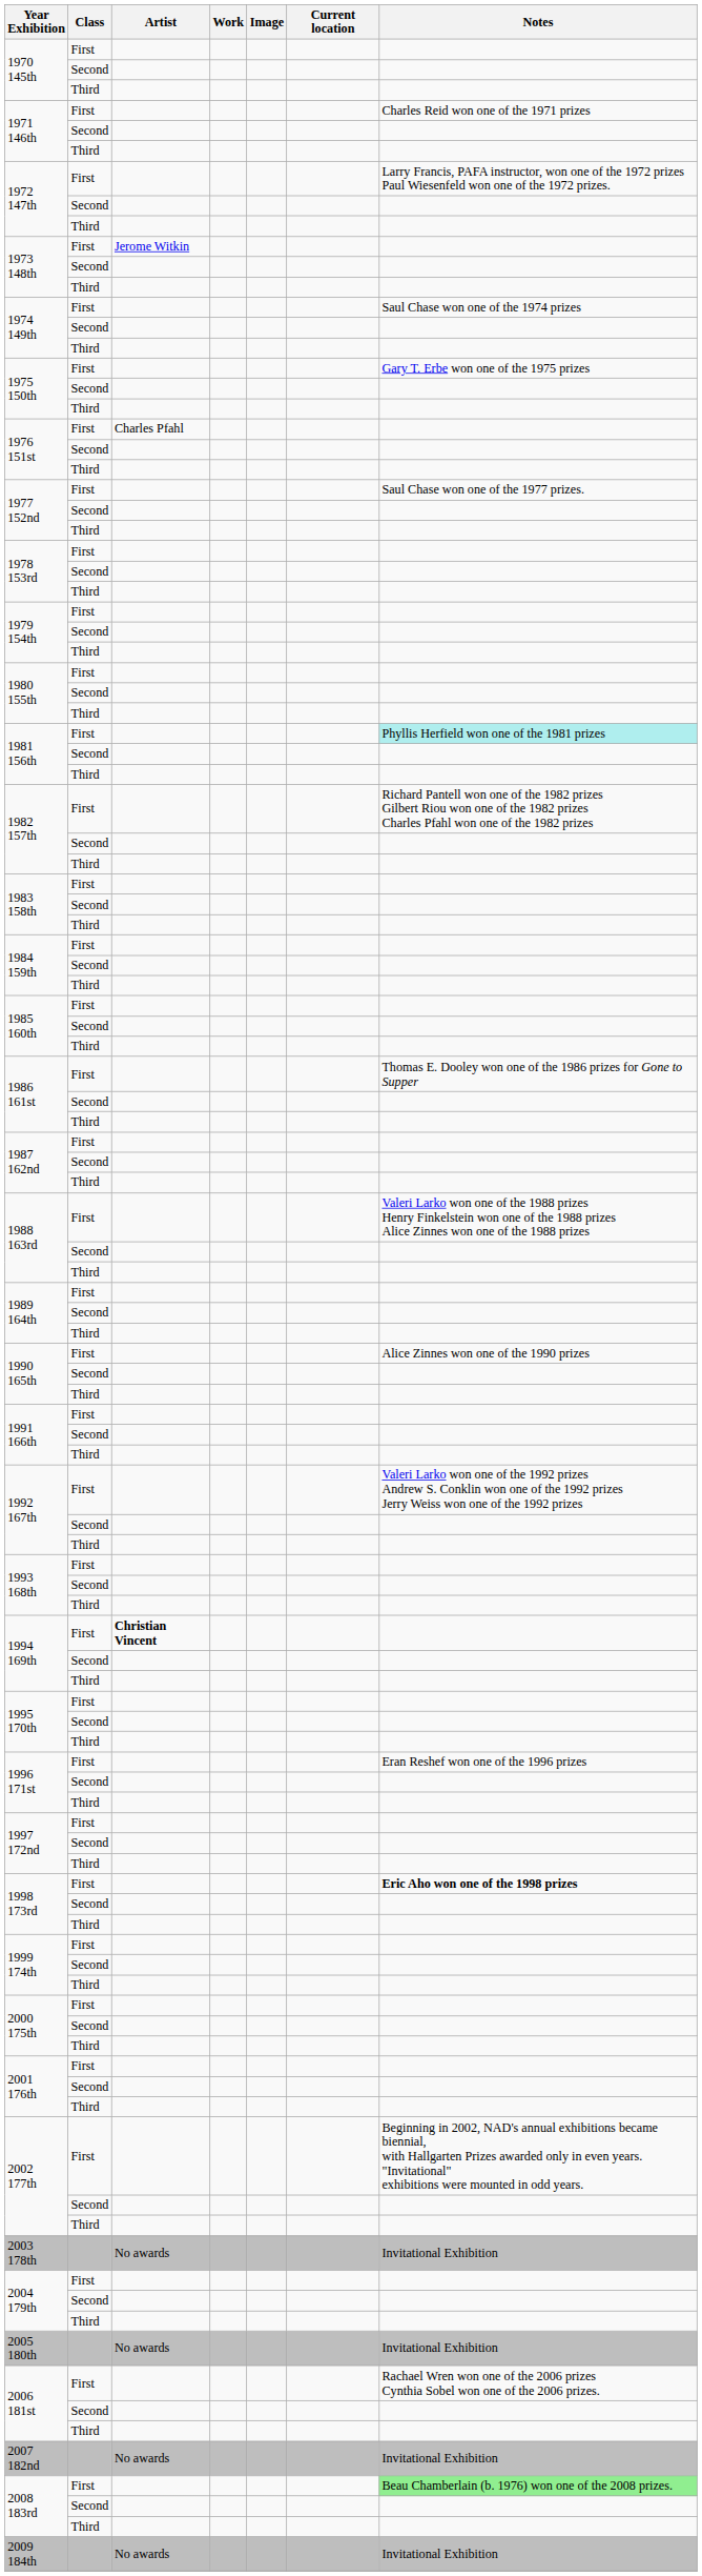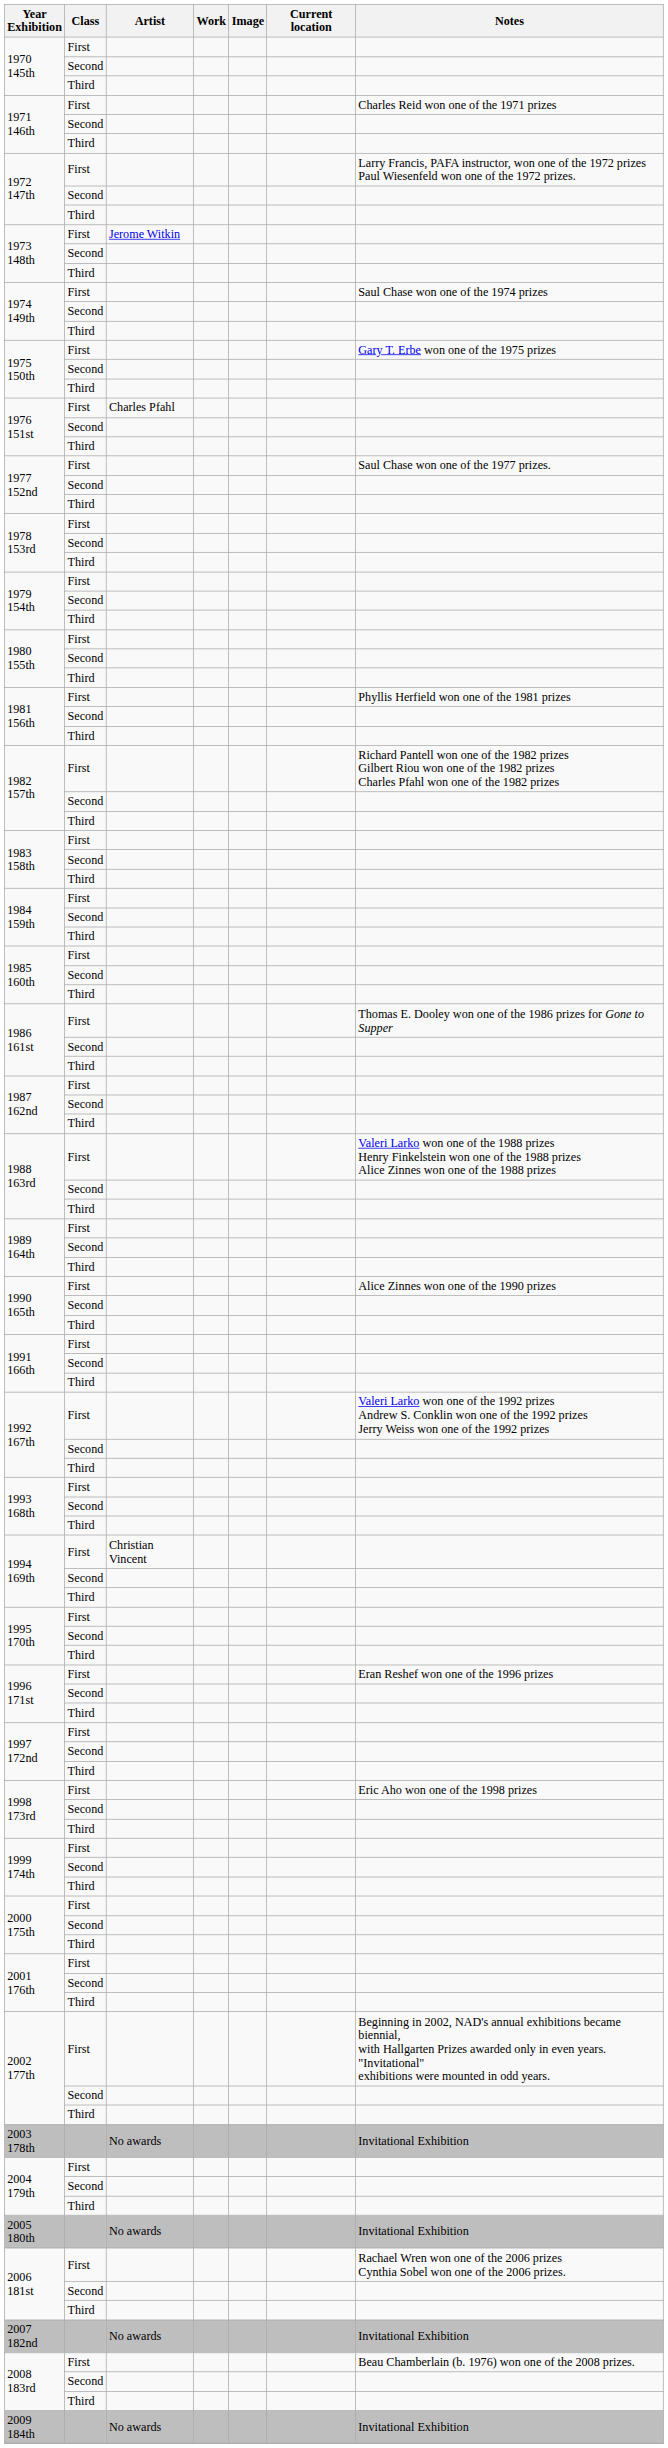 <table class="wikitable sortable">
 <tr>
 <th>Year<br>Exhibition</th>
 <th>Class</th>
 <th>Artist</th>
 <th>Work</th>
 <th>Image</th>
 <th>Current location</th>
 <th>Notes</th>
 </tr>
 <tr>
 <td rowspan="3">1970<br>145th</td>
 <td>First</td>
 <td></td>
 <td></td>
 <td></td>
 <td></td>
 <td></td>
 </tr>
 <tr>
 <td>Second</td>
 <td></td>
 <td></td>
 <td></td>
 <td></td>
 <td></td>
 </tr>
 <tr>
 <td>Third</td>
 <td></td>
 <td></td>
 <td></td>
 <td></td>
 <td></td>
 </tr>
 <tr>
 <td rowspan="3">1971<br>146th</td>
 <td>First</td>
 <td></td>
 <td></td>
 <td></td>
 <td></td>
 <td>Charles Reid won one of the 1971 prizes</td>
 </tr>
 <tr>
 <td>Second</td>
 <td></td>
 <td></td>
 <td></td>
 <td></td>
 <td></td>
 </tr>
 <tr>
 <td>Third</td>
 <td></td>
 <td></td>
 <td></td>
 <td></td>
 <td></td>
 </tr>
 <tr>
 <td rowspan="3">1972<br>147th</td>
 <td>First</td>
 <td></td>
 <td></td>
 <td></td>
 <td></td>
 <td>Larry Francis, PAFA instructor, won one of the 1972 prizes<br>Paul Wiesenfeld won one of the 1972 prizes.</td>
 </tr>
 <tr>
 <td>Second</td>
 <td></td>
 <td></td>
 <td></td>
 <td></td>
 <td></td>
 </tr>
 <tr>
 <td>Third</td>
 <td></td>
 <td></td>
 <td></td>
 <td></td>
 <td></td>
 </tr>
 <tr>
 <td rowspan="3">1973<br>148th</td>
 <td>First</td>
 <td><a href='#'>Jerome Witkin</a></td>
 <td></td>
 <td></td>
 <td></td>
 <td></td>
 </tr>
 <tr>
 <td>Second</td>
 <td></td>
 <td></td>
 <td></td>
 <td></td>
 <td></td>
 </tr>
 <tr>
 <td>Third</td>
 <td></td>
 <td></td>
 <td></td>
 <td></td>
 <td></td>
 </tr>
 <tr>
 <td rowspan="3">1974<br>149th</td>
 <td>First</td>
 <td></td>
 <td></td>
 <td></td>
 <td></td>
 <td>Saul Chase won one of the 1974 prizes</td>
 </tr>
 <tr>
 <td>Second</td>
 <td></td>
 <td></td>
 <td></td>
 <td></td>
 <td></td>
 </tr>
 <tr>
 <td>Third</td>
 <td></td>
 <td></td>
 <td></td>
 <td></td>
 <td></td>
 </tr>
 <tr>
 <td rowspan="3">1975<br>150th</td>
 <td>First</td>
 <td></td>
 <td></td>
 <td></td>
 <td></td>
 <td><a href='#'>Gary T. Erbe</a> won one of the 1975 prizes</td>
 </tr>
 <tr>
 <td>Second</td>
 <td></td>
 <td></td>
 <td></td>
 <td></td>
 <td></td>
 </tr>
 <tr>
 <td>Third</td>
 <td></td>
 <td></td>
 <td></td>
 <td></td>
 <td></td>
 </tr>
 <tr>
 <td rowspan="3">1976<br>151st</td>
 <td>First</td>
 <td>Charles Pfahl</td>
 <td></td>
 <td></td>
 <td></td>
 <td></td>
 </tr>
 <tr>
 <td>Second</td>
 <td></td>
 <td></td>
 <td></td>
 <td></td>
 <td></td>
 </tr>
 <tr>
 <td>Third</td>
 <td></td>
 <td></td>
 <td></td>
 <td></td>
 <td></td>
 </tr>
 <tr>
 <td rowspan="3">1977<br>152nd</td>
 <td>First</td>
 <td></td>
 <td></td>
 <td></td>
 <td></td>
 <td>Saul Chase won one of the 1977 prizes.</td>
 </tr>
 <tr>
 <td>Second</td>
 <td></td>
 <td></td>
 <td></td>
 <td></td>
 <td></td>
 </tr>
 <tr>
 <td>Third</td>
 <td></td>
 <td></td>
 <td></td>
 <td></td>
 <td></td>
 </tr>
 <tr>
 <td rowspan="3">1978<br>153rd</td>
 <td>First</td>
 <td></td>
 <td></td>
 <td></td>
 <td></td>
 <td></td>
 </tr>
 <tr>
 <td>Second</td>
 <td></td>
 <td></td>
 <td></td>
 <td></td>
 <td></td>
 </tr>
 <tr>
 <td>Third</td>
 <td></td>
 <td></td>
 <td></td>
 <td></td>
 <td></td>
 </tr>
 <tr>
 <td rowspan="3">1979<br>154th</td>
 <td>First</td>
 <td></td>
 <td></td>
 <td></td>
 <td></td>
 <td></td>
 </tr>
 <tr>
 <td>Second</td>
 <td></td>
 <td></td>
 <td></td>
 <td></td>
 <td></td>
 </tr>
 <tr>
 <td>Third</td>
 <td></td>
 <td></td>
 <td></td>
 <td></td>
 <td></td>
 </tr>
 <tr>
 <td rowspan="3">1980<br>155th</td>
 <td>First</td>
 <td></td>
 <td></td>
 <td></td>
 <td></td>
 <td></td>
 </tr>
 <tr>
 <td>Second</td>
 <td></td>
 <td></td>
 <td></td>
 <td></td>
 <td></td>
 </tr>
 <tr>
 <td>Third</td>
 <td></td>
 <td></td>
 <td></td>
 <td></td>
 <td></td>
 </tr>
 <tr>
 <td rowspan="3">1981<br>156th</td>
 <td>First</td>
 <td></td>
 <td></td>
 <td></td>
 <td></td>
-<td style="background: paleturquoise;">Phyllis Herfield won one of the 1981 prizes</td>
+<td>Phyllis Herfield won one of the 1981 prizes</td>
 </tr>
 <tr>
 <td>Second</td>
 <td></td>
 <td></td>
 <td></td>
 <td></td>
 <td></td>
 </tr>
 <tr>
 <td>Third</td>
 <td></td>
 <td></td>
 <td></td>
 <td></td>
 <td></td>
 </tr>
 <tr>
 <td rowspan="3">1982<br>157th</td>
 <td>First</td>
 <td></td>
 <td></td>
 <td></td>
 <td></td>
 <td>Richard Pantell won one of the 1982 prizes<br>Gilbert Riou won one of the 1982 prizes<br>Charles Pfahl won one of the 1982 prizes</td>
 </tr>
 <tr>
 <td>Second</td>
 <td></td>
 <td></td>
 <td></td>
 <td></td>
 <td></td>
 </tr>
 <tr>
 <td>Third</td>
 <td></td>
 <td></td>
 <td></td>
 <td></td>
 <td></td>
 </tr>
 <tr>
 <td rowspan="3">1983<br>158th</td>
 <td>First</td>
 <td></td>
 <td></td>
 <td></td>
 <td></td>
 <td></td>
 </tr>
 <tr>
 <td>Second</td>
 <td></td>
 <td></td>
 <td></td>
 <td></td>
 <td></td>
 </tr>
 <tr>
 <td>Third</td>
 <td></td>
 <td></td>
 <td></td>
 <td></td>
 <td></td>
 </tr>
 <tr>
 <td rowspan="3">1984<br>159th</td>
 <td>First</td>
 <td></td>
 <td></td>
 <td></td>
 <td></td>
 <td></td>
 </tr>
 <tr>
 <td>Second</td>
 <td></td>
 <td></td>
 <td></td>
 <td></td>
 <td></td>
 </tr>
 <tr>
 <td>Third</td>
 <td></td>
 <td></td>
 <td></td>
 <td></td>
 <td></td>
 </tr>
 <tr>
 <td rowspan="3">1985<br>160th</td>
 <td>First</td>
 <td></td>
 <td></td>
 <td></td>
 <td></td>
 <td></td>
 </tr>
 <tr>
 <td>Second</td>
 <td></td>
 <td></td>
 <td></td>
 <td></td>
 <td></td>
 </tr>
 <tr>
 <td>Third</td>
 <td></td>
 <td></td>
 <td></td>
 <td></td>
 <td></td>
 </tr>
 <tr>
 <td rowspan="3">1986<br>161st</td>
 <td>First</td>
 <td></td>
 <td></td>
 <td></td>
 <td></td>
 <td>Thomas E. Dooley won one of the 1986 prizes for <em>Gone to Supper</em></td>
 </tr>
 <tr>
 <td>Second</td>
 <td></td>
 <td></td>
 <td></td>
 <td></td>
 <td></td>
 </tr>
 <tr>
 <td>Third</td>
 <td></td>
 <td></td>
 <td></td>
 <td></td>
 <td></td>
 </tr>
 <tr>
 <td rowspan="3">1987<br>162nd</td>
 <td>First</td>
 <td></td>
 <td></td>
 <td></td>
 <td></td>
 <td></td>
 </tr>
 <tr>
 <td>Second</td>
 <td></td>
 <td></td>
 <td></td>
 <td></td>
 <td></td>
 </tr>
 <tr>
 <td>Third</td>
 <td></td>
 <td></td>
 <td></td>
 <td></td>
 <td></td>
 </tr>
 <tr>
 <td rowspan="3">1988<br>163rd</td>
 <td>First</td>
 <td></td>
 <td></td>
 <td></td>
 <td></td>
 <td><a href='#'>Valeri Larko</a> won one of the 1988 prizes<br>Henry Finkelstein won one of the 1988 prizes<br>Alice Zinnes won one of the 1988 prizes</td>
 </tr>
 <tr>
 <td>Second</td>
 <td></td>
 <td></td>
 <td></td>
 <td></td>
 <td></td>
 </tr>
 <tr>
 <td>Third</td>
 <td></td>
 <td></td>
 <td></td>
 <td></td>
 <td></td>
 </tr>
 <tr>
 <td rowspan="3">1989<br>164th</td>
 <td>First</td>
 <td></td>
 <td></td>
 <td></td>
 <td></td>
 <td></td>
 </tr>
 <tr>
 <td>Second</td>
 <td></td>
 <td></td>
 <td></td>
 <td></td>
 <td></td>
 </tr>
 <tr>
 <td>Third</td>
 <td></td>
 <td></td>
 <td></td>
 <td></td>
 <td></td>
 </tr>
 <tr>
 <td rowspan="3">1990<br>165th</td>
 <td>First</td>
 <td></td>
 <td></td>
 <td></td>
 <td></td>
 <td>Alice Zinnes won one of the 1990 prizes</td>
 </tr>
 <tr>
 <td>Second</td>
 <td></td>
 <td></td>
 <td></td>
 <td></td>
 <td></td>
 </tr>
 <tr>
 <td>Third</td>
 <td></td>
 <td></td>
 <td></td>
 <td></td>
 <td></td>
 </tr>
 <tr>
 <td rowspan="3">1991<br>166th</td>
 <td>First</td>
 <td></td>
 <td></td>
 <td></td>
 <td></td>
 <td></td>
 </tr>
 <tr>
 <td>Second</td>
 <td></td>
 <td></td>
 <td></td>
 <td></td>
 <td></td>
 </tr>
 <tr>
 <td>Third</td>
 <td></td>
 <td></td>
 <td></td>
 <td></td>
 <td></td>
 </tr>
 <tr>
 <td rowspan="3">1992<br>167th</td>
 <td>First</td>
 <td></td>
 <td></td>
 <td></td>
 <td></td>
 <td><a href='#'>Valeri Larko</a> won one of the 1992 prizes<br>Andrew S. Conklin won one of the 1992 prizes<br>Jerry Weiss won one of the 1992 prizes</td>
 </tr>
 <tr>
 <td>Second</td>
 <td></td>
 <td></td>
 <td></td>
 <td></td>
 <td></td>
 </tr>
 <tr>
 <td>Third</td>
 <td></td>
 <td></td>
 <td></td>
 <td></td>
 <td></td>
 </tr>
 <tr>
 <td rowspan="3">1993<br>168th</td>
 <td>First</td>
 <td></td>
 <td></td>
 <td></td>
 <td></td>
 <td></td>
 </tr>
 <tr>
 <td>Second</td>
 <td></td>
 <td></td>
 <td></td>
 <td></td>
 <td></td>
 </tr>
 <tr>
 <td>Third</td>
 <td></td>
 <td></td>
 <td></td>
 <td></td>
 <td></td>
 </tr>
 <tr>
 <td rowspan="3">1994<br>169th</td>
 <td>First</td>
-<td><strong>Christian Vincent</strong></td>
+<td>Christian Vincent</td>
 <td></td>
 <td></td>
 <td></td>
 <td></td>
 </tr>
 <tr>
 <td>Second</td>
 <td></td>
 <td></td>
 <td></td>
 <td></td>
 <td></td>
 </tr>
 <tr>
 <td>Third</td>
 <td></td>
 <td></td>
 <td></td>
 <td></td>
 <td></td>
 </tr>
 <tr>
 <td rowspan="3">1995<br>170th</td>
 <td>First</td>
 <td></td>
 <td></td>
 <td></td>
 <td></td>
 <td></td>
 </tr>
 <tr>
 <td>Second</td>
 <td></td>
 <td></td>
 <td></td>
 <td></td>
 <td></td>
 </tr>
 <tr>
 <td>Third</td>
 <td></td>
 <td></td>
 <td></td>
 <td></td>
 <td></td>
 </tr>
 <tr>
 <td rowspan="3">1996<br>171st</td>
 <td>First</td>
 <td></td>
 <td></td>
 <td></td>
 <td></td>
 <td>Eran Reshef won one of the 1996 prizes</td>
 </tr>
 <tr>
 <td>Second</td>
 <td></td>
 <td></td>
 <td></td>
 <td></td>
 <td></td>
 </tr>
 <tr>
 <td>Third</td>
 <td></td>
 <td></td>
 <td></td>
 <td></td>
 <td></td>
 </tr>
 <tr>
 <td rowspan="3">1997<br>172nd</td>
 <td>First</td>
 <td></td>
 <td></td>
 <td></td>
 <td></td>
 <td></td>
 </tr>
 <tr>
 <td>Second</td>
 <td></td>
 <td></td>
 <td></td>
 <td></td>
 <td></td>
 </tr>
 <tr>
 <td>Third</td>
 <td></td>
 <td></td>
 <td></td>
 <td></td>
 <td></td>
 </tr>
 <tr>
 <td rowspan="3">1998<br>173rd</td>
 <td>First</td>
 <td></td>
 <td></td>
 <td></td>
 <td></td>
-<td><strong>Eric Aho won one of the 1998 prizes</strong></td>
+<td>Eric Aho won one of the 1998 prizes</td>
 </tr>
 <tr>
 <td>Second</td>
 <td></td>
 <td></td>
 <td></td>
 <td></td>
 <td></td>
 </tr>
 <tr>
 <td>Third</td>
 <td></td>
 <td></td>
 <td></td>
 <td></td>
 <td></td>
 </tr>
 <tr>
 <td rowspan="3">1999<br>174th</td>
 <td>First</td>
 <td></td>
 <td></td>
 <td></td>
 <td></td>
 <td></td>
 </tr>
 <tr>
 <td>Second</td>
 <td></td>
 <td></td>
 <td></td>
 <td></td>
 <td></td>
 </tr>
 <tr>
 <td>Third</td>
 <td></td>
 <td></td>
 <td></td>
 <td></td>
 <td></td>
 </tr>
 <tr>
 <td rowspan="3">2000<br>175th</td>
 <td>First</td>
 <td></td>
 <td></td>
 <td></td>
 <td></td>
 <td></td>
 </tr>
 <tr>
 <td>Second</td>
 <td></td>
 <td></td>
 <td></td>
 <td></td>
 <td></td>
 </tr>
 <tr>
 <td>Third</td>
 <td></td>
 <td></td>
 <td></td>
 <td></td>
 <td></td>
 </tr>
 <tr>
 <td rowspan="3">2001<br>176th</td>
 <td>First</td>
 <td></td>
 <td></td>
 <td></td>
 <td></td>
 <td></td>
 </tr>
 <tr>
 <td>Second</td>
 <td></td>
 <td></td>
 <td></td>
 <td></td>
 <td></td>
 </tr>
 <tr>
 <td>Third</td>
 <td></td>
 <td></td>
 <td></td>
 <td></td>
 <td></td>
 </tr>
 <tr>
 <td rowspan="3">2002<br>177th</td>
 <td>First</td>
 <td></td>
 <td></td>
 <td></td>
 <td></td>
 <td>Beginning in 2002, NAD's annual exhibitions became biennial,<br>with Hallgarten Prizes awarded only in even years. "Invitational"<br>exhibitions were mounted in odd years.</td>
 </tr>
 <tr>
 <td>Second</td>
 <td></td>
 <td></td>
 <td></td>
 <td></td>
 <td></td>
 </tr>
 <tr>
 <td>Third</td>
 <td></td>
 <td></td>
 <td></td>
 <td></td>
 <td></td>
 </tr>
 <tr>
 <td colspan="1" style="background:#BEBEBE">2003<br>178th</td>
 <td colspan="1" style="background:#BEBEBE"></td>
 <td colspan="1" style="background:#BEBEBE">No awards</td>
 <td colspan="1" style="background:#BEBEBE"></td>
 <td colspan="1" style="background:#BEBEBE"></td>
 <td colspan="1" style="background:#BEBEBE"></td>
 <td colspan="1" style="background:#BEBEBE">Invitational Exhibition</td>
 </tr>
 <tr>
 <td rowspan="3">2004<br>179th</td>
 <td>First</td>
 <td></td>
 <td></td>
 <td></td>
 <td></td>
 <td></td>
 </tr>
 <tr>
 <td>Second</td>
 <td></td>
 <td></td>
 <td></td>
 <td></td>
 <td></td>
 </tr>
 <tr>
 <td>Third</td>
 <td></td>
 <td></td>
 <td></td>
 <td></td>
 <td></td>
 </tr>
 <tr>
 <td colspan="1" style="background:#BEBEBE">2005<br>180th</td>
 <td colspan="1" style="background:#BEBEBE"></td>
 <td colspan="1" style="background:#BEBEBE">No awards</td>
 <td colspan="1" style="background:#BEBEBE"></td>
 <td colspan="1" style="background:#BEBEBE"></td>
 <td colspan="1" style="background:#BEBEBE"></td>
 <td colspan="1" style="background:#BEBEBE">Invitational Exhibition</td>
 </tr>
 <tr>
 <td rowspan="3">2006<br>181st</td>
 <td>First</td>
 <td></td>
 <td></td>
 <td></td>
 <td></td>
 <td>Rachael Wren won one of the 2006 prizes<br>Cynthia Sobel won one of the 2006 prizes.</td>
 </tr>
 <tr>
 <td>Second</td>
 <td></td>
 <td></td>
 <td></td>
 <td></td>
 <td></td>
 </tr>
 <tr>
 <td>Third</td>
 <td></td>
 <td></td>
 <td></td>
 <td></td>
 <td></td>
 </tr>
 <tr>
 <td colspan="1" style="background:#BEBEBE">2007<br>182nd</td>
 <td colspan="1" style="background:#BEBEBE"></td>
 <td colspan="1" style="background:#BEBEBE">No awards</td>
 <td colspan="1" style="background:#BEBEBE"></td>
 <td colspan="1" style="background:#BEBEBE"></td>
 <td colspan="1" style="background:#BEBEBE"></td>
 <td colspan="1" style="background:#BEBEBE">Invitational Exhibition</td>
 </tr>
 <tr>
 <td rowspan="3">2008<br>183rd</td>
 <td>First</td>
 <td></td>
 <td></td>
 <td></td>
 <td></td>
-<td style="background: lightgreen;">Beau Chamberlain (b. 1976) won one of the 2008 prizes.</td>
+<td>Beau Chamberlain (b. 1976) won one of the 2008 prizes.</td>
 </tr>
 <tr>
 <td>Second</td>
 <td></td>
 <td></td>
 <td></td>
 <td></td>
 <td></td>
 </tr>
 <tr>
 <td>Third</td>
 <td></td>
 <td></td>
 <td></td>
 <td></td>
 <td></td>
 </tr>
 <tr>
 <td colspan="1" style="background:#BEBEBE">2009<br>184th</td>
 <td colspan="1" style="background:#BEBEBE"></td>
 <td colspan="1" style="background:#BEBEBE">No awards</td>
 <td colspan="1" style="background:#BEBEBE"></td>
 <td colspan="1" style="background:#BEBEBE"></td>
 <td colspan="1" style="background:#BEBEBE"></td>
 <td colspan="1" style="background:#BEBEBE">Invitational Exhibition</td>
 </tr>
 <tr>
 </tr>
 </table>
